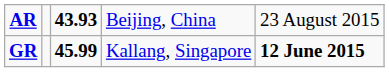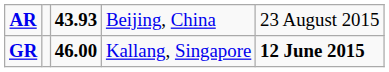 <table class="wikitable" style="font-size:95%; position:relative;">
 <tr>
 <td align=center><strong><a href='#'>AR</a></strong></td>
 <td></td>
 <td><strong>43.93</strong></td>
 <td><a href='#'>Beijing</a>, <a href='#'>China</a></td>
 <td>23 August 2015</td>
 </tr>
 <tr>
 <td align=center><strong><a href='#'>GR</a></strong></td>
 <td></td>
-<td><strong>		45.99</strong></td>
+<td><strong>		46.00</strong></td>
 <td><a href='#'>Kallang</a>, <a href='#'>Singapore</a></td>
 <td><strong>12 June 2015</strong></td>
 </tr>
 </table>
